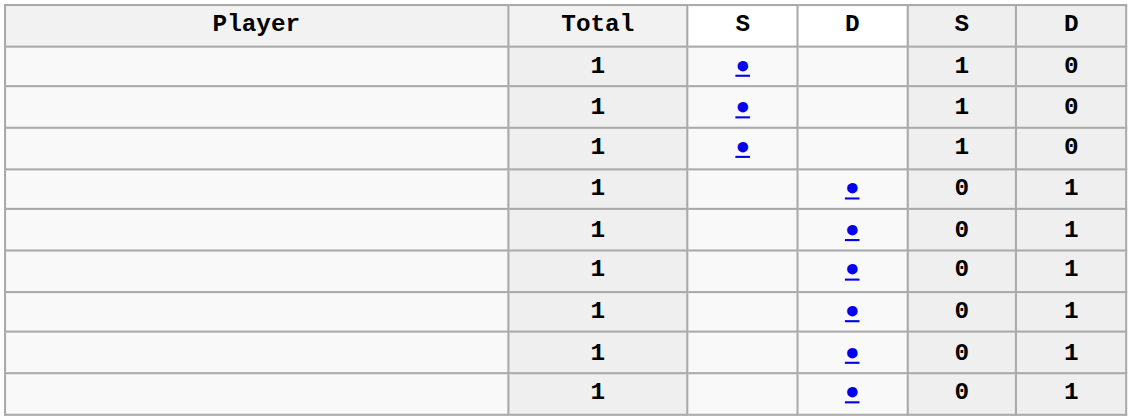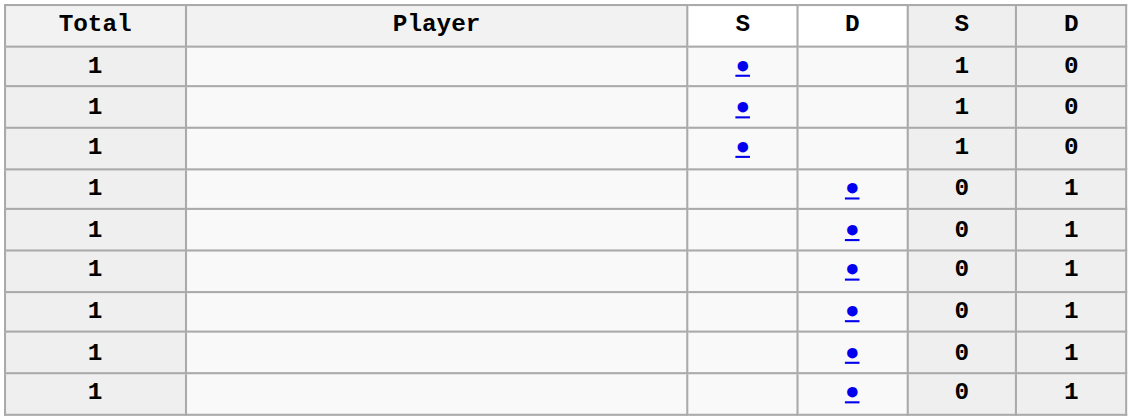 <table class="sortable wikitable" style="font-size:90%;">
 <tr>
+<th width=81>Total</th>
 <th width=236>Player</th>
-<th width=81>Total</th>
 <th width=47 style="background:#FFFFFF"> S </th>
 <th width=47 style="background:#FFFFFF"> D </th>
 <th width=47 style="background:#efefef"> S </th>
 <th width=47 style="background:#efefef"> D </th>
 </tr>
 <tr align=center>
+<td bgcolor=#efefef><strong>1</strong></td>
 <td align=left></td>
-<td bgcolor=#efefef><strong>1</strong></td>
 <td><a href='#'>●</a></td>
 <td></td>
 <td bgcolor=#efefef><strong>1</strong></td>
 <td bgcolor=#efefef><strong>0</strong></td>
 </tr>
 <tr align=center>
+<td bgcolor=#efefef><strong>1</strong></td>
 <td align=left></td>
-<td bgcolor=#efefef><strong>1</strong></td>
 <td><a href='#'>●</a></td>
 <td></td>
 <td bgcolor=#efefef><strong>1</strong></td>
 <td bgcolor=#efefef><strong>0</strong></td>
 </tr>
 <tr align=center>
+<td bgcolor=#efefef><strong>1</strong></td>
 <td align=left></td>
-<td bgcolor=#efefef><strong>1</strong></td>
 <td><a href='#'>●</a></td>
 <td></td>
 <td bgcolor=#efefef><strong>1</strong></td>
 <td bgcolor=#efefef><strong>0</strong></td>
 </tr>
 <tr align=center>
+<td bgcolor=#efefef><strong>1</strong></td>
 <td align=left></td>
-<td bgcolor=#efefef><strong>1</strong></td>
 <td></td>
 <td><a href='#'>●</a></td>
 <td bgcolor=#efefef><strong>0</strong></td>
 <td bgcolor=#efefef><strong>1</strong></td>
 </tr>
 <tr align=center>
+<td bgcolor=#efefef><strong>1</strong></td>
 <td align=left></td>
-<td bgcolor=#efefef><strong>1</strong></td>
 <td></td>
 <td><a href='#'>●</a></td>
 <td bgcolor=#efefef><strong>0</strong></td>
 <td bgcolor=#efefef><strong>1</strong></td>
 </tr>
 <tr align=center>
+<td bgcolor=#efefef><strong>1</strong></td>
 <td align=left></td>
-<td bgcolor=#efefef><strong>1</strong></td>
 <td></td>
 <td><a href='#'>●</a></td>
 <td bgcolor=#efefef><strong>0</strong></td>
 <td bgcolor=#efefef><strong>1</strong></td>
 </tr>
 <tr align=center>
+<td bgcolor=#efefef><strong>1</strong></td>
 <td align=left></td>
-<td bgcolor=#efefef><strong>1</strong></td>
 <td></td>
 <td><a href='#'>●</a></td>
 <td bgcolor=#efefef><strong>0</strong></td>
 <td bgcolor=#efefef><strong>1</strong></td>
 </tr>
 <tr align=center>
+<td bgcolor=#efefef><strong>1</strong></td>
 <td align=left></td>
-<td bgcolor=#efefef><strong>1</strong></td>
 <td></td>
 <td><a href='#'>●</a></td>
 <td bgcolor=#efefef><strong>0</strong></td>
 <td bgcolor=#efefef><strong>1</strong></td>
 </tr>
 <tr align=center>
+<td bgcolor=#efefef><strong>1</strong></td>
 <td align=left></td>
-<td bgcolor=#efefef><strong>1</strong></td>
 <td></td>
 <td><a href='#'>●</a></td>
 <td bgcolor=#efefef><strong>0</strong></td>
 <td bgcolor=#efefef><strong>1</strong></td>
 </tr>
 </table>
